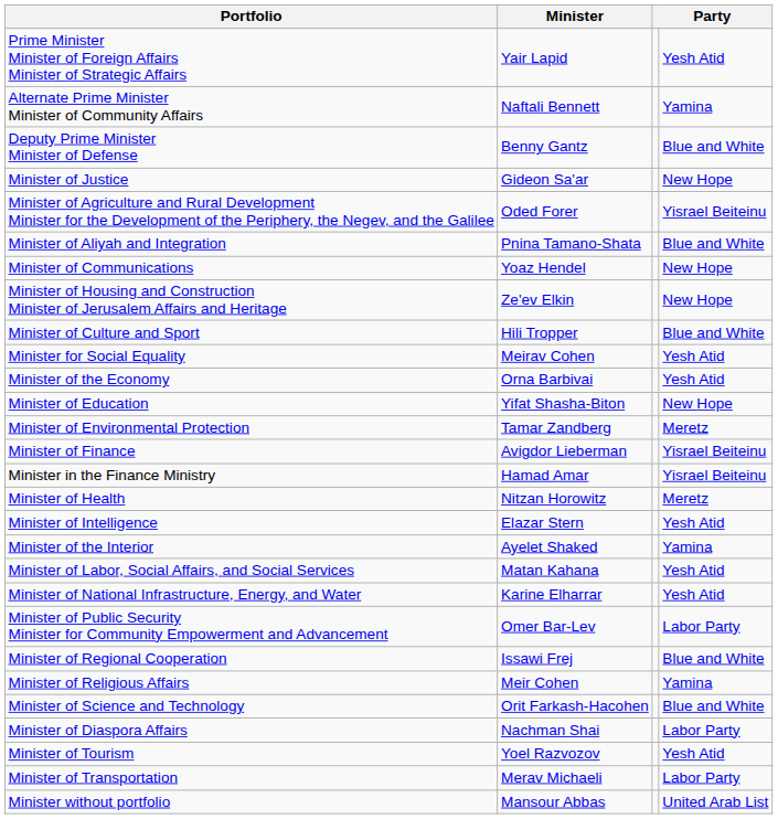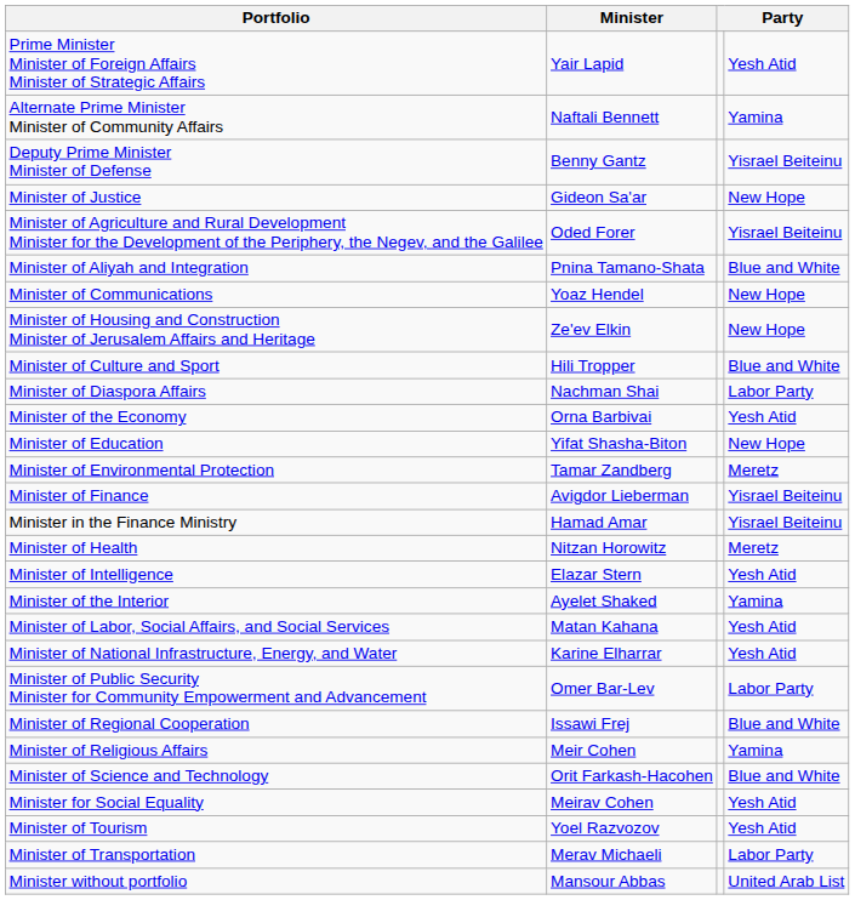 <table class="wikitable sortable">
 <tr>
 <th>Portfolio</th>
 <th>Minister</th>
 <th colspan=2>Party</th>
 </tr>
 <tr>
 <td><a href='#'>Prime Minister</a><br><a href='#'>Minister of Foreign Affairs</a><br><a href='#'>Minister of Strategic Affairs</a></td>
 <td><a href='#'>Yair Lapid</a></td>
 <td bgcolor=></td>
 <td><a href='#'>Yesh Atid</a></td>
 </tr>
 <tr>
 <td><a href='#'>Alternate Prime Minister</a><br>Minister of Community Affairs</td>
 <td><a href='#'>Naftali Bennett</a></td>
 <td bgcolor=></td>
 <td><a href='#'>Yamina</a></td>
 </tr>
 <tr>
 <td><a href='#'>Deputy Prime Minister</a><br><a href='#'>Minister of Defense</a></td>
 <td><a href='#'>Benny Gantz</a></td>
 <td bgcolor=></td>
-<td><a href='#'>Blue and White</a></td>
+<td><a href='#'>Yisrael Beiteinu</a></td>
 </tr>
 <tr>
 <td><a href='#'>Minister of Justice</a></td>
 <td><a href='#'>Gideon Sa'ar</a></td>
 <td bgcolor=></td>
 <td><a href='#'>New Hope</a></td>
 </tr>
 <tr>
 <td><a href='#'>Minister of Agriculture and Rural Development</a><br><a href='#'>Minister for the Development of the Periphery, the Negev, and the Galilee</a></td>
 <td><a href='#'>Oded Forer</a></td>
 <td bgcolor=></td>
 <td><a href='#'>Yisrael Beiteinu</a></td>
 </tr>
 <tr>
 <td><a href='#'>Minister of Aliyah and Integration</a></td>
 <td><a href='#'>Pnina Tamano-Shata</a></td>
 <td bgcolor=></td>
 <td><a href='#'>Blue and White</a></td>
 </tr>
 <tr>
 <td><a href='#'>Minister of Communications</a></td>
 <td><a href='#'>Yoaz Hendel</a></td>
 <td style="background:"></td>
 <td><a href='#'>New Hope</a></td>
 </tr>
 <tr>
 <td><a href='#'>Minister of Housing and Construction</a><br><a href='#'>Minister of Jerusalem Affairs and Heritage</a></td>
 <td><a href='#'>Ze'ev Elkin</a></td>
 <td bgcolor=></td>
 <td><a href='#'>New Hope</a></td>
 </tr>
 <tr>
 <td><a href='#'>Minister of Culture and Sport</a></td>
 <td><a href='#'>Hili Tropper</a></td>
 <td bgcolor=></td>
 <td><a href='#'>Blue and White</a></td>
 </tr>
 <tr>
-<td><a href='#'>Minister for Social Equality</a></td>
-<td><a href='#'>Meirav Cohen</a></td>
+<td><a href='#'>Minister of Diaspora Affairs</a></td>
+<td><a href='#'>Nachman Shai</a></td>
 <td bgcolor=></td>
-<td><a href='#'>Yesh Atid</a></td>
+<td><a href='#'>Labor Party</a></td>
 </tr>
 <tr>
 <td><a href='#'>Minister of the Economy</a></td>
 <td><a href='#'>Orna Barbivai</a></td>
 <td bgcolor=></td>
 <td><a href='#'>Yesh Atid</a></td>
 </tr>
 <tr>
 <td><a href='#'>Minister of Education</a></td>
 <td><a href='#'>Yifat Shasha-Biton</a></td>
 <td bgcolor=></td>
 <td><a href='#'>New Hope</a></td>
 </tr>
 <tr>
 <td><a href='#'>Minister of Environmental Protection</a></td>
 <td><a href='#'>Tamar Zandberg</a></td>
 <td bgcolor=></td>
 <td><a href='#'>Meretz</a></td>
 </tr>
 <tr>
 <td><a href='#'>Minister of Finance</a></td>
 <td><a href='#'>Avigdor Lieberman</a></td>
 <td bgcolor=></td>
 <td><a href='#'>Yisrael Beiteinu</a></td>
 </tr>
 <tr>
 <td>Minister in the Finance Ministry</td>
 <td><a href='#'>Hamad Amar</a></td>
 <td bgcolor=></td>
 <td><a href='#'>Yisrael Beiteinu</a></td>
 </tr>
 <tr>
 <td><a href='#'>Minister of Health</a></td>
 <td><a href='#'>Nitzan Horowitz</a></td>
 <td bgcolor=></td>
 <td><a href='#'>Meretz</a></td>
 </tr>
 <tr>
 <td><a href='#'>Minister of Intelligence</a></td>
 <td><a href='#'>Elazar Stern</a></td>
 <td bgcolor=></td>
 <td><a href='#'>Yesh Atid</a></td>
 </tr>
 <tr>
 <td><a href='#'>Minister of the Interior</a></td>
 <td><a href='#'>Ayelet Shaked</a></td>
 <td bgcolor=></td>
 <td><a href='#'>Yamina</a></td>
 </tr>
 <tr>
 <td><a href='#'>Minister of Labor, Social Affairs, and Social Services</a></td>
 <td><a href='#'>Matan Kahana</a></td>
 <td bgcolor=></td>
 <td><a href='#'>Yesh Atid</a></td>
 </tr>
 <tr>
 <td><a href='#'>Minister of National Infrastructure, Energy, and Water</a></td>
 <td><a href='#'>Karine Elharrar</a></td>
 <td bgcolor=></td>
 <td><a href='#'>Yesh Atid</a></td>
 </tr>
 <tr>
 <td><a href='#'>Minister of Public Security</a><br><a href='#'>Minister for Community Empowerment and Advancement</a></td>
 <td><a href='#'>Omer Bar-Lev</a></td>
 <td bgcolor=></td>
 <td><a href='#'>Labor Party</a></td>
 </tr>
 <tr>
 <td><a href='#'>Minister of Regional Cooperation</a></td>
 <td><a href='#'>Issawi Frej</a></td>
 <td></td>
 <td><a href='#'>Blue and White</a></td>
 </tr>
 <tr>
 <td><a href='#'>Minister of Religious Affairs</a></td>
 <td><a href='#'>Meir Cohen</a></td>
 <td bgcolor=></td>
 <td><a href='#'>Yamina</a></td>
 </tr>
 <tr>
 <td><a href='#'>Minister of Science and Technology</a></td>
 <td><a href='#'>Orit Farkash-Hacohen</a></td>
 <td bgcolor=></td>
 <td><a href='#'>Blue and White</a></td>
 </tr>
 <tr>
-<td><a href='#'>Minister of Diaspora Affairs</a></td>
-<td><a href='#'>Nachman Shai</a></td>
+<td><a href='#'>Minister for Social Equality</a></td>
+<td><a href='#'>Meirav Cohen</a></td>
 <td bgcolor=></td>
-<td><a href='#'>Labor Party</a></td>
+<td><a href='#'>Yesh Atid</a></td>
 </tr>
 <tr>
 <td><a href='#'>Minister of Tourism</a></td>
 <td><a href='#'>Yoel Razvozov</a></td>
 <td bgcolor=></td>
 <td><a href='#'>Yesh Atid</a></td>
 </tr>
 <tr>
 <td><a href='#'>Minister of Transportation</a></td>
 <td><a href='#'>Merav Michaeli</a></td>
 <td bgcolor=></td>
 <td><a href='#'>Labor Party</a></td>
 </tr>
 <tr>
 <td><a href='#'>Minister without portfolio</a></td>
 <td><a href='#'>Mansour Abbas</a></td>
 <td bgcolor=></td>
 <td><a href='#'>United Arab List</a></td>
 </tr>
 </table>
